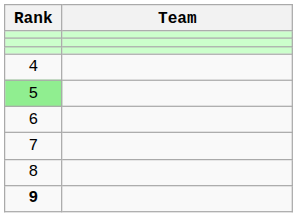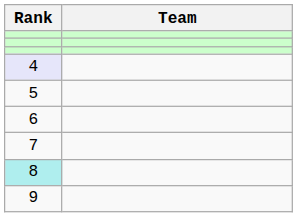 <table class="wikitable" style="text-align: center;">
 <tr>
 <th width=40>Rank</th>
 <th width=180>Team</th>
 </tr>
 <tr align=center; bgcolor=#ccffcc>
 <td></td>
 <td style="text-align:left;"></td>
 </tr>
 <tr align=center; bgcolor=#ccffcc>
 <td></td>
 <td style="text-align:left;"></td>
 </tr>
 <tr align=center; bgcolor=#ccffcc>
 <td></td>
 <td style="text-align:left;"></td>
 </tr>
 <tr align=center>
-<td>4</td>
+<td style="background: lavender;">4</td>
 <td style="text-align:left;"></td>
 </tr>
 <tr align=center>
-<td style="background: lightgreen;">5</td>
+<td>5</td>
 <td style="text-align:left;"></td>
 </tr>
 <tr align=center>
 <td>6</td>
 <td style="text-align:left;"></td>
 </tr>
 <tr align=center>
 <td>7</td>
 <td style="text-align:left;"></td>
 </tr>
 <tr align=center>
-<td>8</td>
+<td style="background: paleturquoise;">8</td>
 <td style="text-align:left;"></td>
 </tr>
 <tr align=center>
-<td><strong>9</strong></td>
+<td>9</td>
 <td style="text-align:left;"></td>
 </tr>
 </table>
